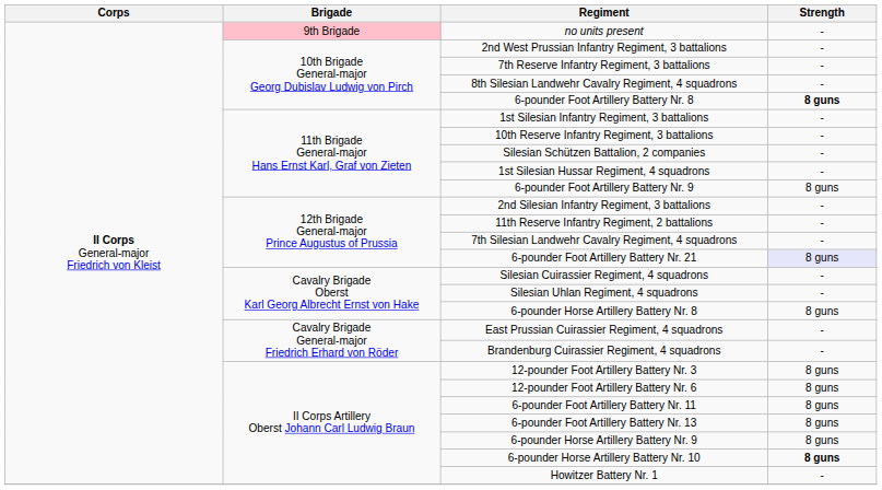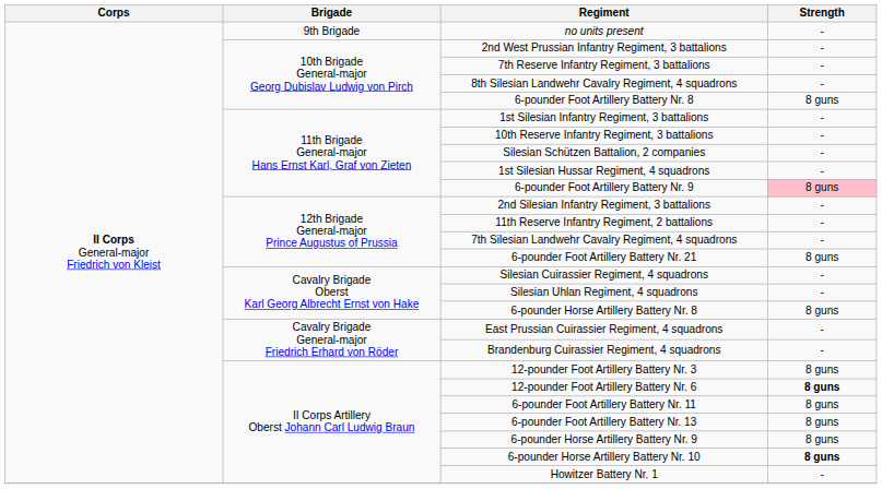 <table class="wikitable" style="text-align:center; width:80%;">
 <tr>
 <th width=20%>Corps</th>
 <th width=20%>Brigade</th>
 <th width=30%>Regiment</th>
 <th width=10%>Strength</th>
 </tr>
 <tr>
 <td ROWSPAN=26><strong>II Corps</strong><br>General-major<br><a href='#'>Friedrich von Kleist</a><br></td>
-<td ROWSPAN=1 style="background: pink;">9th Brigade</td>
+<td ROWSPAN=1>9th Brigade</td>
 <td><em>no units present</em></td>
 <td>-</td>
 </tr>
 <tr>
 <td ROWSPAN=4>10th Brigade<br>General-major<br><a href='#'>Georg Dubislav Ludwig von Pirch</a><br></td>
 <td>2nd West Prussian Infantry Regiment, 3 battalions</td>
 <td>-</td>
 </tr>
 <tr>
 <td>7th Reserve Infantry Regiment, 3 battalions</td>
 <td>-</td>
 </tr>
 <tr>
 <td>8th Silesian Landwehr Cavalry Regiment, 4 squadrons</td>
 <td>-</td>
 </tr>
 <tr>
 <td>6-pounder Foot Artillery Battery Nr. 8</td>
-<td><strong>8 guns</strong></td>
+<td>8 guns</td>
 </tr>
 <tr>
 <td ROWSPAN=5>11th Brigade<br>General-major<br><a href='#'>Hans Ernst Karl, Graf von Zieten</a><br></td>
 <td>1st Silesian Infantry Regiment, 3 battalions</td>
 <td>-</td>
 </tr>
 <tr>
 <td>10th Reserve Infantry Regiment, 3 battalions</td>
 <td>-</td>
 </tr>
 <tr>
 <td>Silesian Schützen Battalion, 2 companies</td>
 <td>-</td>
 </tr>
 <tr>
 <td>1st Silesian Hussar Regiment, 4 squadrons</td>
 <td>-</td>
 </tr>
 <tr>
 <td>6-pounder Foot Artillery Battery Nr. 9</td>
-<td>8 guns</td>
+<td style="background: pink;">8 guns</td>
 </tr>
 <tr>
 <td ROWSPAN=4>12th Brigade<br>General-major<br><a href='#'>Prince Augustus of Prussia</a><br></td>
 <td>2nd Silesian Infantry Regiment, 3 battalions</td>
 <td>-</td>
 </tr>
 <tr>
 <td>11th Reserve Infantry Regiment, 2 battalions</td>
 <td>-</td>
 </tr>
 <tr>
 <td>7th Silesian Landwehr Cavalry Regiment, 4 squadrons</td>
 <td>-</td>
 </tr>
 <tr>
 <td>6-pounder Foot Artillery Battery Nr. 21</td>
-<td style="background: lavender;">8 guns</td>
+<td>8 guns</td>
 </tr>
 <tr>
 <td ROWSPAN=3>Cavalry Brigade<br>Oberst<br><a href='#'>Karl Georg Albrecht Ernst von Hake</a></td>
 <td>Silesian Cuirassier Regiment, 4 squadrons</td>
 <td>-</td>
 </tr>
 <tr>
 <td>Silesian Uhlan Regiment, 4 squadrons</td>
 <td>-</td>
 </tr>
 <tr>
 <td>6-pounder Horse Artillery Battery Nr. 8</td>
 <td>8 guns</td>
 </tr>
 <tr>
 <td ROWSPAN=2>Cavalry Brigade<br>General-major<br><a href='#'>Friedrich Erhard von Röder</a></td>
 <td>East Prussian Cuirassier Regiment, 4 squadrons</td>
 <td>-</td>
 </tr>
 <tr>
 <td>Brandenburg Cuirassier Regiment, 4 squadrons</td>
 <td>-</td>
 </tr>
 <tr>
 <td ROWSPAN=7>II Corps Artillery<br>Oberst <a href='#'>Johann Carl Ludwig Braun</a></td>
 <td>12-pounder Foot Artillery Battery Nr. 3</td>
 <td>8 guns</td>
 </tr>
 <tr>
 <td>12-pounder Foot Artillery Battery Nr. 6</td>
-<td>8 guns</td>
+<td><strong>8 guns</strong></td>
 </tr>
 <tr>
 <td>6-pounder Foot Artillery Battery Nr. 11</td>
 <td>8 guns</td>
 </tr>
 <tr>
 <td>6-pounder Foot Artillery Battery Nr. 13</td>
 <td>8 guns</td>
 </tr>
 <tr>
 <td>6-pounder Horse Artillery Battery Nr. 9</td>
 <td>8 guns</td>
 </tr>
 <tr>
 <td>6-pounder Horse Artillery Battery Nr. 10</td>
 <td><strong>8 guns</strong></td>
 </tr>
 <tr>
 <td>Howitzer Battery Nr. 1</td>
 <td>-</td>
 </tr>
 <tr>
 </tr>
 </table>
